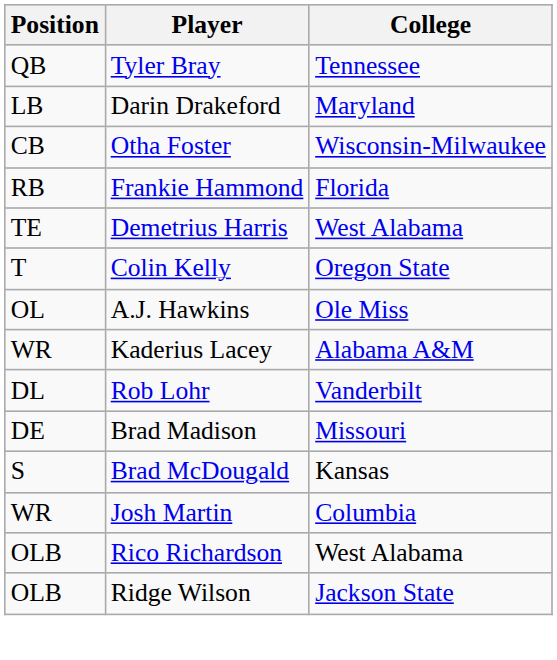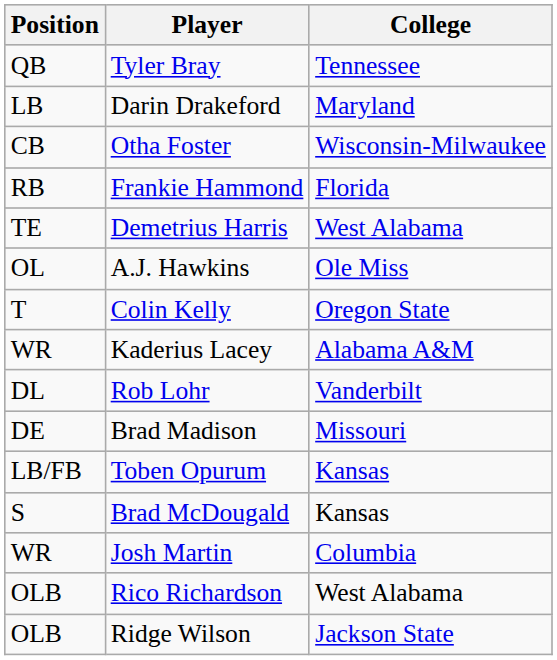 <table class="wikitable sortable">
 <tr>
 <th>Position</th>
 <th>Player</th>
 <th>College</th>
 </tr>
 <tr>
 <td>QB</td>
 <td><a href='#'>Tyler Bray</a></td>
 <td><a href='#'>Tennessee</a></td>
 </tr>
 <tr>
 <td>LB</td>
 <td>Darin Drakeford</td>
 <td><a href='#'>Maryland</a></td>
 </tr>
 <tr>
 <td>CB</td>
 <td><a href='#'>Otha Foster</a></td>
 <td><a href='#'>Wisconsin-Milwaukee</a></td>
 </tr>
 <tr>
 <td>RB</td>
 <td><a href='#'>Frankie Hammond</a></td>
 <td><a href='#'>Florida</a></td>
 </tr>
 <tr>
 <td>TE</td>
 <td><a href='#'>Demetrius Harris</a></td>
 <td><a href='#'>West Alabama</a></td>
 </tr>
 <tr>
+<td>OL</td>
+<td>A.J. Hawkins</td>
+<td><a href='#'>Ole Miss</a></td>
+</tr>
+<tr>
 <td>T</td>
 <td><a href='#'>Colin Kelly</a></td>
 <td><a href='#'>Oregon State</a></td>
-</tr>
-<tr>
-<td>OL</td>
-<td>A.J. Hawkins</td>
-<td><a href='#'>Ole Miss</a></td>
 </tr>
 <tr>
 <td>WR</td>
 <td>Kaderius Lacey</td>
 <td><a href='#'>Alabama A&M</a></td>
 </tr>
 <tr>
 <td>DL</td>
 <td><a href='#'>Rob Lohr</a></td>
 <td><a href='#'>Vanderbilt</a></td>
 </tr>
 <tr>
 <td>DE</td>
 <td>Brad Madison</td>
 <td><a href='#'>Missouri</a></td>
+</tr>
+<tr>
+<td>LB/FB</td>
+<td><a href='#'>Toben Opurum</a></td>
+<td><a href='#'>Kansas</a></td>
 </tr>
 <tr>
 <td>S</td>
 <td><a href='#'>Brad McDougald</a></td>
 <td>Kansas</td>
 </tr>
 <tr>
 <td>WR</td>
 <td><a href='#'>Josh Martin</a></td>
 <td><a href='#'>Columbia</a></td>
 </tr>
 <tr>
 <td>OLB</td>
 <td><a href='#'>Rico Richardson</a></td>
 <td>West Alabama</td>
 </tr>
 <tr>
 <td>OLB</td>
 <td>Ridge Wilson</td>
 <td><a href='#'>Jackson State</a></td>
 </tr>
 </table>
